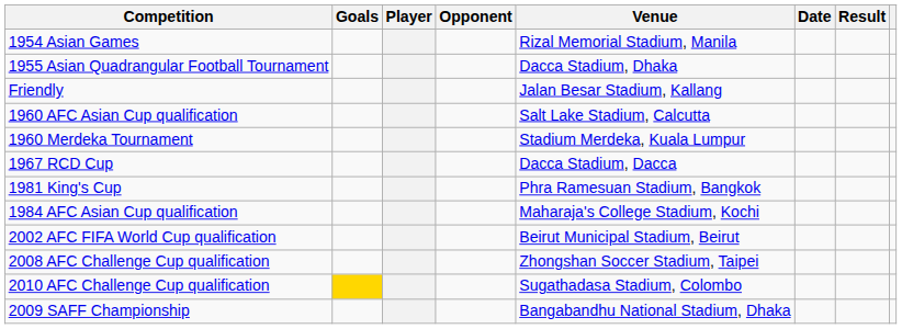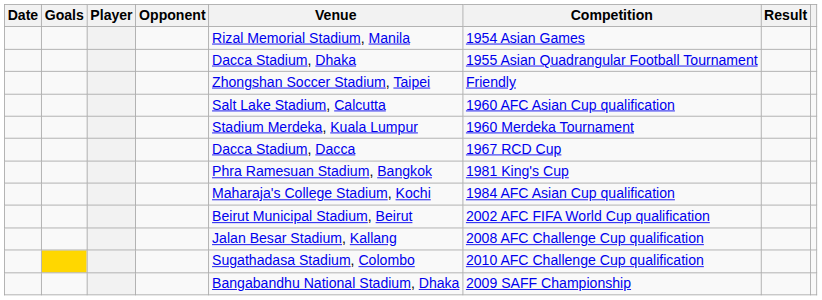 <table class="wikitable sortable plainrowheaders">
 <tr>
-<th scope="col">Competition</th>
+<th scope="col">Date</th>
 <th scope="col">Goals</th>
 <th scope="col">Player</th>
 <th scope="col">Opponent</th>
 <th scope="col">Venue</th>
-<th scope="col">Date</th>
+<th scope="col">Competition</th>
 <th scope="col" class="align:center">Result</th>
 <th scope="col" class="unsortable"></th>
 </tr>
 <tr>
-<td><a href='#'>1954 Asian Games</a></td>
+<td></td>
 <td></td>
 <th scope="row"></th>
 <td></td>
 <td><a href='#'>Rizal Memorial Stadium</a>, <a href='#'>Manila</a></td>
-<td></td>
+<td><a href='#'>1954 Asian Games</a></td>
 <td data-sort-value="04"></td>
 <td></td>
 </tr>
 <tr>
-<td><a href='#'>1955 Asian Quadrangular Football Tournament</a></td>
+<td></td>
 <td></td>
 <th scope="row"></th>
 <td></td>
 <td><a href='#'>Dacca Stadium</a>, <a href='#'>Dhaka</a></td>
-<td></td>
+<td><a href='#'>1955 Asian Quadrangular Football Tournament</a></td>
 <td data-sort-value="04"></td>
 <td></td>
 </tr>
 <tr>
+<td></td>
+<td></td>
+<th scope="row"></th>
+<td></td>
+<td><a href='#'>Zhongshan Soccer Stadium</a>, <a href='#'>Taipei</a></td>
 <td><a href='#'>Friendly</a></td>
+<td data-sort-value="03"></td>
+<td></td>
+</tr>
+<tr>
+<td></td>
+<td></td>
+<th scope="row"></th>
+<td></td>
+<td><a href='#'>Salt Lake Stadium</a>, <a href='#'>Calcutta</a></td>
+<td><a href='#'>1960 AFC Asian Cup qualification</a></td>
+<td data-sort-value="04"></td>
+<td></td>
+</tr>
+<tr>
+<td></td>
+<td></td>
+<th scope="row"></th>
+<td></td>
+<td><a href='#'>Stadium Merdeka</a>, <a href='#'>Kuala Lumpur</a></td>
+<td><a href='#'>1960 Merdeka Tournament</a></td>
+<td data-sort-value="05"></td>
+<td></td>
+</tr>
+<tr>
+<td></td>
+<td></td>
+<th scope="row"></th>
+<td></td>
+<td><a href='#'>Dacca Stadium</a>, <a href='#'>Dacca</a></td>
+<td><a href='#'>1967 RCD Cup</a></td>
+<td data-sort-value="05"></td>
+<td></td>
+</tr>
+<tr>
+<td></td>
+<td></td>
+<th scope="row"></th>
+<td></td>
+<td><a href='#'>Phra Ramesuan Stadium</a>, <a href='#'>Bangkok</a></td>
+<td><a href='#'>1981 King's Cup</a></td>
+<td data-sort-value="05"></td>
+<td></td>
+</tr>
+<tr>
+<td></td>
+<td></td>
+<th scope="row"></th>
+<td></td>
+<td><a href='#'>Maharaja's College Stadium</a>, <a href='#'>Kochi</a></td>
+<td><a href='#'>1984 AFC Asian Cup qualification</a></td>
+<td data-sort-value="04"></td>
+<td></td>
+</tr>
+<tr>
+<td></td>
+<td></td>
+<th scope="row"></th>
+<td></td>
+<td><a href='#'>Beirut Municipal Stadium</a>, <a href='#'>Beirut</a></td>
+<td><a href='#'>2002 AFC FIFA World Cup qualification</a></td>
+<td data-sort-value="05"></td>
+<td></td>
+</tr>
+<tr>
+<td></td>
 <td></td>
 <th scope="row"></th>
 <td></td>
 <td><a href='#'>Jalan Besar Stadium</a>, <a href='#'>Kallang</a></td>
+<td><a href='#'>2008 AFC Challenge Cup qualification</a></td>
+<td data-sort-value="04"></td>
 <td></td>
+</tr>
+<tr>
+<td></td>
+<td bgcolor=gold></td>
+<th scope="row"></th>
+<td></td>
+<td><a href='#'>Sugathadasa Stadium</a>, <a href='#'>Colombo</a></td>
+<td><a href='#'>2010 AFC Challenge Cup qualification</a></td>
 <td data-sort-value="03"></td>
 <td></td>
 </tr>
 <tr>
-<td><a href='#'>1960 AFC Asian Cup qualification</a></td>
 <td></td>
-<th scope="row"></th>
-<td></td>
-<td><a href='#'>Salt Lake Stadium</a>, <a href='#'>Calcutta</a></td>
-<td></td>
-<td data-sort-value="04"></td>
-<td></td>
-</tr>
-<tr>
-<td><a href='#'>1960 Merdeka Tournament</a></td>
-<td></td>
-<th scope="row"></th>
-<td></td>
-<td><a href='#'>Stadium Merdeka</a>, <a href='#'>Kuala Lumpur</a></td>
-<td></td>
-<td data-sort-value="05"></td>
-<td></td>
-</tr>
-<tr>
-<td><a href='#'>1967 RCD Cup</a></td>
-<td></td>
-<th scope="row"></th>
-<td></td>
-<td><a href='#'>Dacca Stadium</a>, <a href='#'>Dacca</a></td>
-<td></td>
-<td data-sort-value="05"></td>
-<td></td>
-</tr>
-<tr>
-<td><a href='#'>1981 King's Cup</a></td>
-<td></td>
-<th scope="row"></th>
-<td></td>
-<td><a href='#'>Phra Ramesuan Stadium</a>, <a href='#'>Bangkok</a></td>
-<td></td>
-<td data-sort-value="05"></td>
-<td></td>
-</tr>
-<tr>
-<td><a href='#'>1984 AFC Asian Cup qualification</a></td>
-<td></td>
-<th scope="row"></th>
-<td></td>
-<td><a href='#'>Maharaja's College Stadium</a>, <a href='#'>Kochi</a></td>
-<td></td>
-<td data-sort-value="04"></td>
-<td></td>
-</tr>
-<tr>
-<td><a href='#'>2002 AFC FIFA World Cup qualification</a></td>
-<td></td>
-<th scope="row"></th>
-<td></td>
-<td><a href='#'>Beirut Municipal Stadium</a>, <a href='#'>Beirut</a></td>
-<td></td>
-<td data-sort-value="05"></td>
-<td></td>
-</tr>
-<tr>
-<td><a href='#'>2008 AFC Challenge Cup qualification</a></td>
-<td></td>
-<th scope="row"></th>
-<td></td>
-<td><a href='#'>Zhongshan Soccer Stadium</a>, <a href='#'>Taipei</a></td>
-<td></td>
-<td data-sort-value="04"></td>
-<td></td>
-</tr>
-<tr>
-<td><a href='#'>2010 AFC Challenge Cup qualification</a></td>
-<td bgcolor=gold></td>
-<th scope="row"></th>
-<td></td>
-<td><a href='#'>Sugathadasa Stadium</a>, <a href='#'>Colombo</a></td>
-<td></td>
-<td data-sort-value="03"></td>
-<td></td>
-</tr>
-<tr>
-<td><a href='#'>2009 SAFF Championship</a></td>
 <td></td>
 <th scope="row"></th>
 <td></td>
 <td><a href='#'>Bangabandhu National Stadium</a>, <a href='#'>Dhaka</a></td>
-<td></td>
+<td><a href='#'>2009 SAFF Championship</a></td>
 <td data-sort-value="03"></td>
 <td></td>
 </tr>
 </table>
